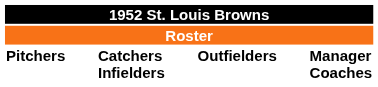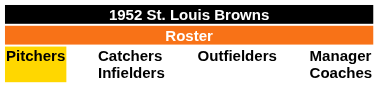 <table class="toccolours" style="font-size: 95%;">
 <tr>
 <th colspan="10" style="background-color: black; color: white; text-align: center;">1952 St. Louis Browns</th>
 </tr>
 <tr>
 <td colspan="10" style="background-color: #F87217; color: white; text-align: center;"><strong>Roster</strong></td>
 </tr>
 <tr>
-<td valign="top"><strong>Pitchers</strong><br>                  </td>
+<td valign="top" style="background: gold;"><strong>Pitchers</strong><br>                  </td>
 <td width="25px"></td>
 <td valign="top"><strong>Catchers</strong><br>   <strong>Infielders</strong>              </td>
 <td width="25px"></td>
 <td valign="top"><strong>Outfielders</strong><br>           </td>
 <td width="25px"></td>
 <td valign="top"><strong>Manager</strong><br>  <strong>Coaches</strong>   </td>
 </tr>
 <tr>
 </tr>
 </table>
